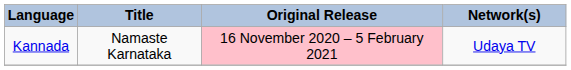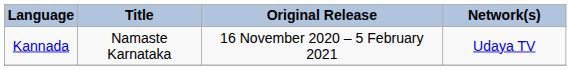 <table class="wikitable" style="text-align:center;">
 <tr>
 <th style="width:50pt; background:LightSteelBlue;">Language</th>
 <th style="width:100pt; background:LightSteelBlue;">Title</th>
 <th style="width:200pt; background:LightSteelBlue;">Original Release</th>
 <th style="width:100pt; background:LightSteelBlue;">Network(s)</th>
 </tr>
 <tr>
 <td><a href='#'>Kannada</a></td>
 <td>Namaste Karnataka</td>
-<td style="background: pink;">16 November 2020 – 5 February 2021</td>
+<td>16 November 2020 – 5 February 2021</td>
 <td><a href='#'>Udaya TV</a></td>
 </tr>
 <tr>
 </tr>
 </table>
